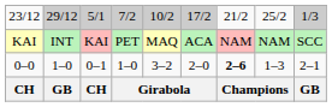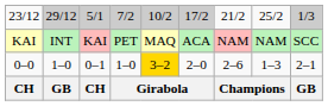 <table class="wikitable" style="font-size: 74%; text-align:center;">
 <tr>
 <td>23/12</td>
 <td bgcolor=#cccccc>29/12</td>
 <td bgcolor=#cccccc>5/1</td>
 <td bgcolor=#cccccc>7/2</td>
 <td bgcolor=#cccccc>10/2</td>
 <td bgcolor=#cccccc>17/2</td>
 <td>21/2</td>
 <td>25/2</td>
 <td bgcolor=#cccccc>1/3</td>
 </tr>
 <tr align=center>
 <td bgcolor=#ffffbb>KAI</td>
 <td bgcolor=#bbf3bb>INT</td>
 <td bgcolor=#ffbbbb>KAI</td>
 <td bgcolor=#bbf3bb>PET</td>
 <td bgcolor=#ffffbb>MAQ</td>
 <td bgcolor=#bbf3bb>ACA</td>
 <td bgcolor=#ffbbbb>NAM</td>
 <td bgcolor=#bbf3bb>NAM</td>
 <td bgcolor=#bbf3bb>SCC</td>
 </tr>
 <tr>
 <td align=center>0–0</td>
 <td>1–0</td>
 <td>0–1</td>
 <td>1–0</td>
-<td>3–2</td>
+<td style="background: gold;">3–2</td>
 <td>2–0</td>
-<td><strong>2–6</strong></td>
+<td>2–6</td>
 <td>1–3</td>
 <td>2–1</td>
 </tr>
 <tr align=center>
 <th>CH</th>
 <th>GB</th>
 <th>CH</th>
 <th colspan=3>Girabola</th>
 <th colspan=2>Champions</th>
 <th>GB</th>
 </tr>
 </table>
